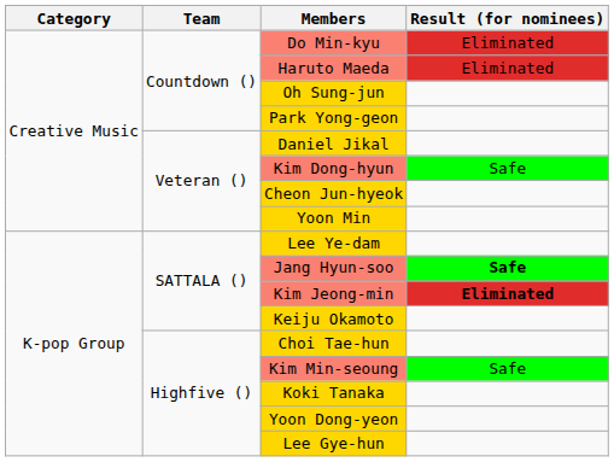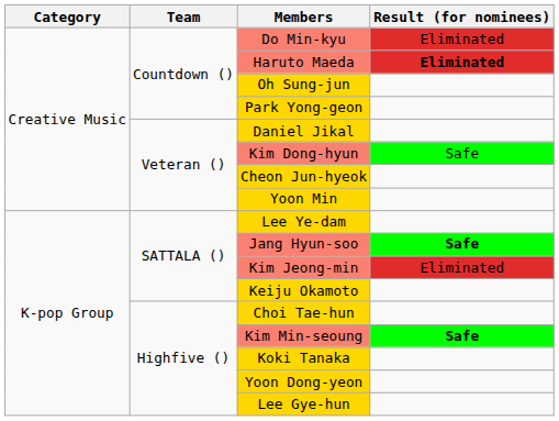 <table class="wikitable" style="text-align:center">
 <tr>
 <th>Category</th>
 <th>Team</th>
 <th>Members</th>
 <th>Result (for nominees)</th>
 </tr>
 <tr>
 <td rowspan="8">Creative Music</td>
 <td rowspan="4">Countdown ()</td>
 <td style="background:salmon;">Do Min-kyu</td>
 <td style="background:#E12C2C;">Eliminated</td>
 </tr>
 <tr>
 <td style="background:salmon;">Haruto Maeda</td>
-<td style="background:#E12C2C;">Eliminated</td>
+<td style="background:#E12C2C;"><strong>Eliminated</strong></td>
 </tr>
 <tr>
 <td style="background:#FFD700;">Oh Sung-jun</td>
 <td></td>
 </tr>
 <tr>
 <td style="background:#FFD700;">Park Yong-geon</td>
 <td></td>
 </tr>
 <tr>
 <td rowspan="4">Veteran ()</td>
 <td style="background:#FFD700;">Daniel Jikal</td>
 <td></td>
 </tr>
 <tr>
 <td style="background:salmon;">Kim Dong-hyun</td>
 <td style="background:#00FF00;">Safe</td>
 </tr>
 <tr>
 <td style="background:#FFD700;">Cheon Jun-hyeok</td>
 <td></td>
 </tr>
 <tr>
 <td style="background:#FFD700;">Yoon Min</td>
 <td></td>
 </tr>
 <tr>
 <td rowspan="9">K-pop Group</td>
 <td rowspan="4">SATTALA ()</td>
 <td style="background:#FFD700;">Lee Ye-dam</td>
 <td></td>
 </tr>
 <tr>
 <td style="background:salmon;">Jang Hyun-soo</td>
 <td style="background:#00FF00;"><strong>Safe</strong></td>
 </tr>
 <tr>
 <td style="background:salmon;">Kim Jeong-min</td>
-<td style="background:#E12C2C;"><strong>Eliminated</strong></td>
+<td style="background:#E12C2C;">Eliminated</td>
 </tr>
 <tr>
 <td style="background:#FFD700;">Keiju Okamoto</td>
 <td></td>
 </tr>
 <tr>
 <td rowspan="5">Highfive ()</td>
 <td style="background:#FFD700;">Choi Tae-hun</td>
 <td></td>
 </tr>
 <tr>
 <td style="background:salmon;">Kim Min-seoung</td>
-<td style="background:#00FF00;">Safe</td>
+<td style="background:#00FF00;"><strong>Safe</strong></td>
 </tr>
 <tr>
 <td style="background:#FFD700;">Koki Tanaka</td>
 <td></td>
 </tr>
 <tr>
 <td style="background:#FFD700;">Yoon Dong-yeon</td>
 <td></td>
 </tr>
 <tr>
 <td style="background:#FFD700;">Lee Gye-hun</td>
 <td></td>
 </tr>
 </table>
